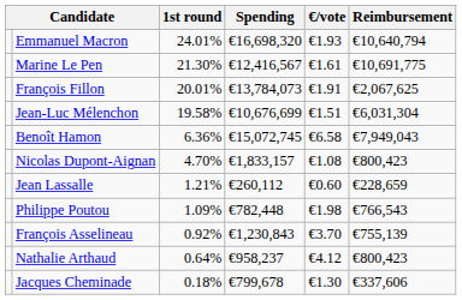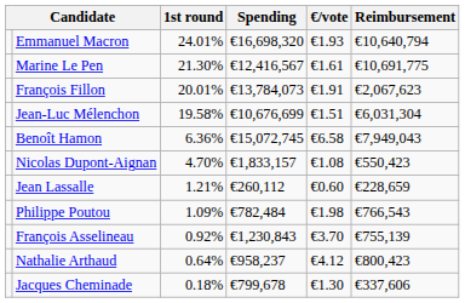 <table class="wikitable sortable" style="font-size:95%">
 <tr>
 <th colspan="2">Candidate</th>
 <th>1st round</th>
 <th>Spending</th>
 <th>€/vote</th>
 <th>Reimbursement</th>
 </tr>
 <tr>
 <td style="background:"></td>
 <td data-sort-value="Macron, Emmanuel"><a href='#'>Emmanuel Macron</a></td>
 <td style="text-align:right;">24.01%</td>
 <td>€16,698,320</td>
 <td>€1.93</td>
 <td>€10,640,794</td>
 </tr>
 <tr>
 <td style="background:"></td>
 <td data-sort-value="Le Pen, Marine"><a href='#'>Marine Le Pen</a></td>
 <td style="text-align:right;">21.30%</td>
 <td>€12,416,567</td>
 <td>€1.61</td>
 <td>€10,691,775</td>
 </tr>
 <tr>
 <td style="background:"></td>
 <td data-sort-value="Fillon, Francois"><a href='#'>François Fillon</a></td>
 <td style="text-align:right;">20.01%</td>
 <td>€13,784,073</td>
 <td>€1.91</td>
-<td>€2,067,625</td>
+<td>€2,067,623</td>
 </tr>
 <tr>
 <td style="background:"></td>
 <td data-sort-value="Melenchon, Jean-Luc"><a href='#'>Jean-Luc Mélenchon</a></td>
 <td style="text-align:right;">19.58%</td>
 <td>€10,676,699</td>
 <td>€1.51</td>
 <td>€6,031,304</td>
 </tr>
 <tr>
 <td style="background:"></td>
 <td data-sort-value="Hamon, Benoit"><a href='#'>Benoît Hamon</a></td>
 <td style="text-align:right;">6.36%</td>
 <td>€15,072,745</td>
 <td>€6.58</td>
 <td>€7,949,043</td>
 </tr>
 <tr>
 <td style="background:"></td>
 <td data-sort-value="Dupont-Aignan, Nicolas"><a href='#'>Nicolas Dupont-Aignan</a></td>
 <td style="text-align:right;">4.70%</td>
 <td>€1,833,157</td>
 <td>€1.08</td>
-<td>€800,423</td>
+<td>€550,423</td>
 </tr>
 <tr>
 <td style="background:"></td>
 <td data-sort-value="Lassalle, Jean"><a href='#'>Jean Lassalle</a></td>
 <td style="text-align:right;">1.21%</td>
 <td>€260,112</td>
 <td>€0.60</td>
 <td>€228,659</td>
 </tr>
 <tr>
 <td style="background:"></td>
 <td data-sort-value="Poutou, Philippe"><a href='#'>Philippe Poutou</a></td>
 <td style="text-align:right;">1.09%</td>
-<td>€782,448</td>
+<td>€782,484</td>
 <td>€1.98</td>
 <td>€766,543</td>
 </tr>
 <tr>
 <td style="background:"></td>
 <td data-sort-value="Asselineau, Francois"><a href='#'>François Asselineau</a></td>
 <td style="text-align:right;">0.92%</td>
 <td>€1,230,843</td>
 <td>€3.70</td>
 <td>€755,139</td>
 </tr>
 <tr>
 <td style="background:"></td>
 <td data-sort-value="Arthaud, Nathalie"><a href='#'>Nathalie Arthaud</a></td>
 <td style="text-align:right;">0.64%</td>
 <td>€958,237</td>
 <td>€4.12</td>
 <td>€800,423</td>
 </tr>
 <tr>
 <td style="background:"></td>
 <td data-sort-value="Cheminade, Jacques"><a href='#'>Jacques Cheminade</a></td>
 <td style="text-align:right;">0.18%</td>
 <td>€799,678</td>
 <td>€1.30</td>
 <td>€337,606</td>
 </tr>
 </table>
